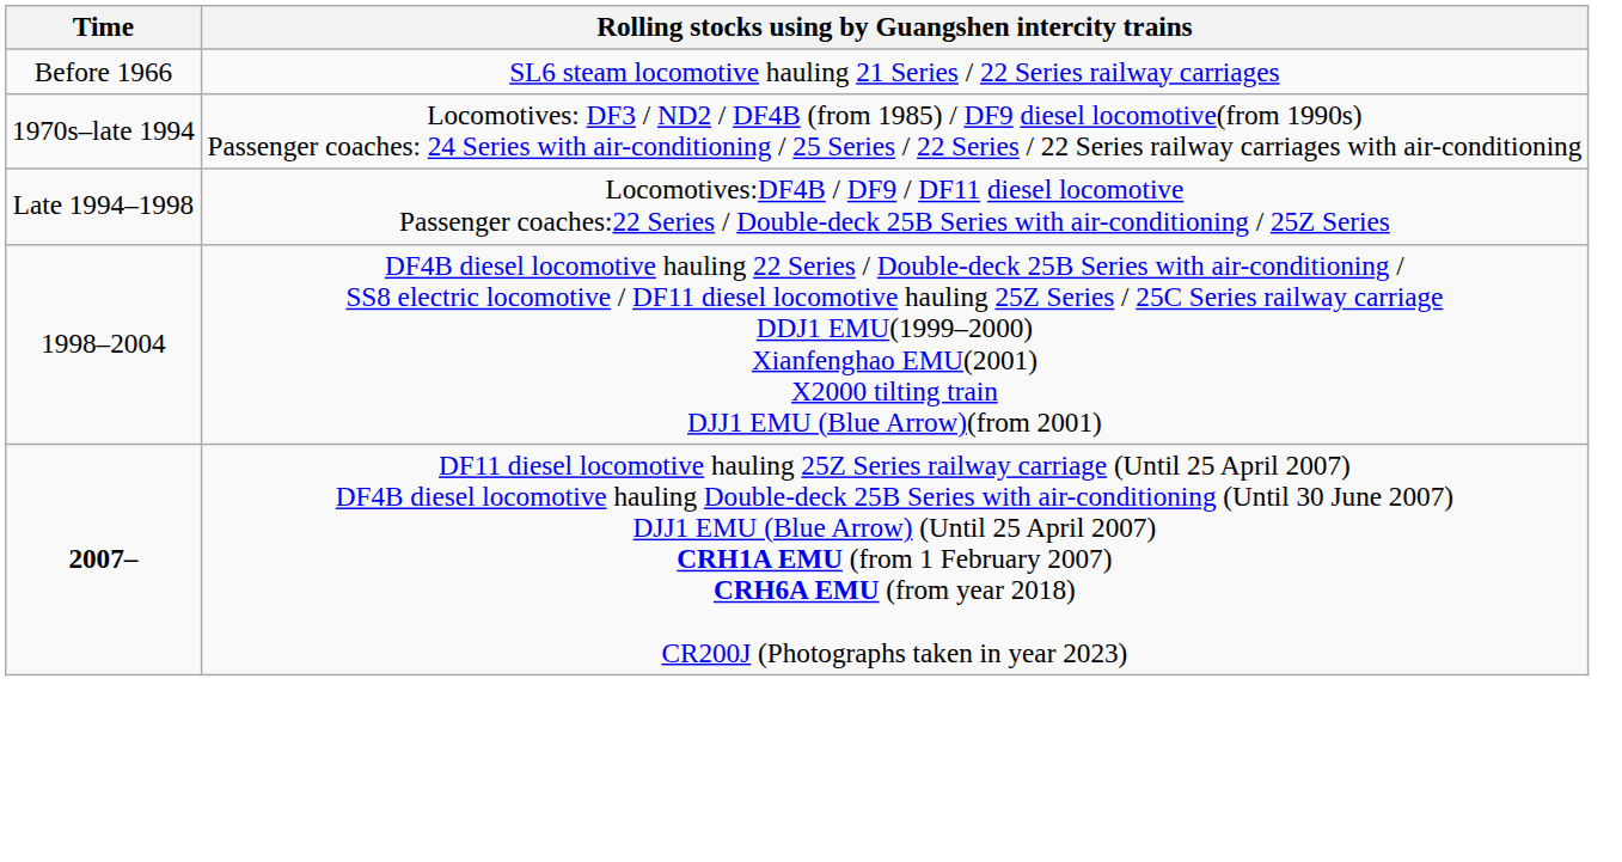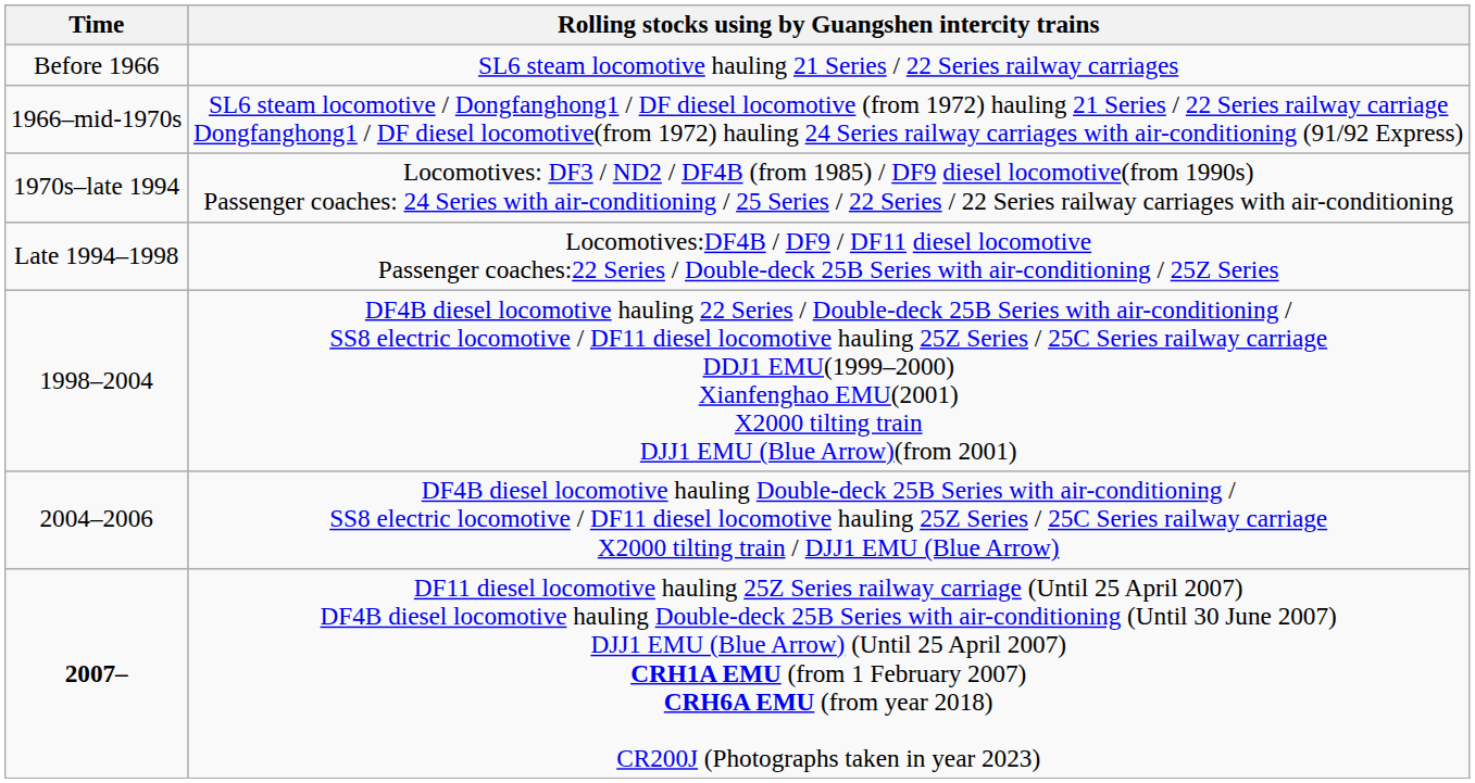 <table class="wikitable" style="text-align:center;">
 <tr>
 <th>Time</th>
 <th>Rolling stocks using by Guangshen intercity trains</th>
 </tr>
 <tr>
 <td>Before 1966</td>
 <td><a href='#'>SL6 steam locomotive</a> hauling <a href='#'>21 Series</a> / <a href='#'>22 Series railway carriages</a></td>
+</tr>
+<tr>
+<td>1966–mid-1970s</td>
+<td><a href='#'>SL6 steam locomotive</a> / <a href='#'>Dongfanghong1</a> / <a href='#'>DF diesel locomotive</a> (from 1972) hauling <a href='#'>21 Series</a> / <a href='#'>22 Series railway carriage</a><br><a href='#'>Dongfanghong1</a> / <a href='#'>DF diesel locomotive</a>(from 1972) hauling <a href='#'>24 Series railway carriages with air-conditioning</a> (91/92 Express)</td>
 </tr>
 <tr>
 <td>1970s–late 1994</td>
 <td>Locomotives: <a href='#'>DF3</a> / <a href='#'>ND2</a> / <a href='#'>DF4B</a> (from 1985) / <a href='#'>DF9</a> <a href='#'>diesel locomotive</a>(from 1990s)<br>Passenger coaches: <a href='#'>24 Series with air-conditioning</a> / <a href='#'>25 Series</a> / <a href='#'>22 Series</a> / 22 Series railway carriages with air-conditioning</td>
 </tr>
 <tr>
 <td>Late 1994–1998</td>
 <td>Locomotives:<a href='#'>DF4B</a> / <a href='#'>DF9</a> / <a href='#'>DF11</a> <a href='#'>diesel locomotive</a><br>Passenger coaches:<a href='#'>22 Series</a> / <a href='#'>Double-deck 25B Series with air-conditioning</a> / <a href='#'>25Z Series</a></td>
 </tr>
 <tr>
 <td>1998–2004</td>
 <td><a href='#'>DF4B diesel locomotive</a> hauling <a href='#'>22 Series</a> / <a href='#'>Double-deck 25B Series with air-conditioning</a> / <br><a href='#'>SS8 electric locomotive</a> / <a href='#'>DF11 diesel locomotive</a> hauling <a href='#'>25Z Series</a> / <a href='#'>25C Series railway carriage</a><br> <a href='#'>DDJ1 EMU</a>(1999–2000)<br><a href='#'>Xianfenghao EMU</a>(2001)<br><a href='#'>X2000 tilting train</a><br><a href='#'>DJJ1 EMU (Blue Arrow)</a>(from 2001)</td>
 </tr>
 <tr>
+<td>2004–2006</td>
+<td><a href='#'>DF4B diesel locomotive</a> hauling <a href='#'>Double-deck 25B Series with air-conditioning</a> / <br><a href='#'>SS8 electric locomotive</a> / <a href='#'>DF11 diesel locomotive</a> hauling <a href='#'>25Z Series</a> / <a href='#'>25C Series railway carriage</a><br><a href='#'>X2000 tilting train</a> / <a href='#'>DJJ1 EMU (Blue Arrow)</a></td>
+</tr>
+<tr>
 <td><strong>2007–</strong></td>
 <td><a href='#'>DF11 diesel locomotive</a> hauling <a href='#'>25Z Series railway carriage</a> (Until 25 April 2007)<br><a href='#'>DF4B diesel locomotive</a> hauling <a href='#'>Double-deck 25B Series with air-conditioning</a> (Until 30 June 2007)<br><a href='#'>DJJ1 EMU (Blue Arrow)</a> (Until 25 April 2007)<br><strong><a href='#'>CRH1A EMU</a></strong> (from 1 February 2007)<br> <strong><a href='#'>CRH6A EMU</a></strong> (from year 2018)<br><br><a href='#'>CR200J</a>   (Photographs taken in year 2023)</td>
 </tr>
 </table>
